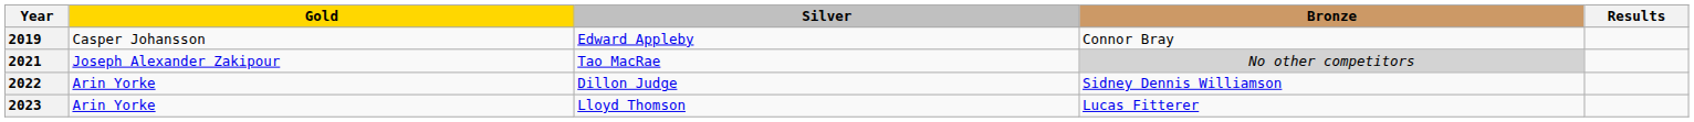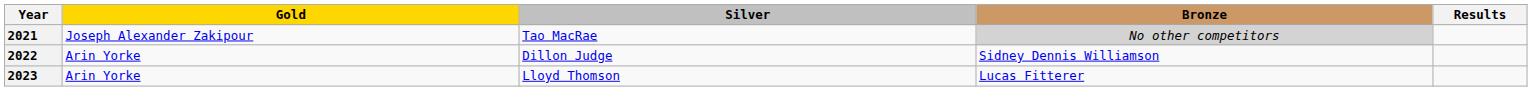 <table class="wikitable unsortable" style="text-align:left; width:80%">
 <tr>
 <th scope="col" style="text-align:center;">Year</th>
 <td scope="col" style="text-align:center; width:30%; background:gold"><strong>Gold</strong></td>
 <td scope="col" style="text-align:center; width:30%; background:silver"><strong>Silver</strong></td>
 <td scope="col" style="text-align:center; width:30%; background:#c96"><strong>Bronze</strong></td>
 <th scope="col" style="text-align:center;">Results</th>
-</tr>
-<tr>
-<th scope="row" style="text-align:left">2019</th>
-<td> Casper Johansson</td>
-<td> <a href='#'>Edward Appleby</a></td>
-<td> Connor Bray</td>
-<td></td>
 </tr>
 <tr>
 <th scope="row" style="text-align:left">2021</th>
 <td> <a href='#'>Joseph Alexander Zakipour</a></td>
 <td> <a href='#'>Tao MacRae</a></td>
 <td align="center" bgcolor="lightgray"><em>No other competitors</em></td>
 <td></td>
 </tr>
 <tr>
 <th scope="row" style="text-align:left">2022</th>
 <td> <a href='#'>Arin Yorke</a></td>
 <td> <a href='#'>Dillon Judge</a></td>
 <td> <a href='#'>Sidney Dennis Williamson</a></td>
 <td></td>
 </tr>
 <tr>
 <th scope="row" style="text-align:left">2023</th>
 <td> <a href='#'>Arin Yorke</a></td>
 <td> <a href='#'>Lloyd Thomson</a></td>
 <td> <a href='#'>Lucas Fitterer</a></td>
 <td></td>
 </tr>
 </table>
